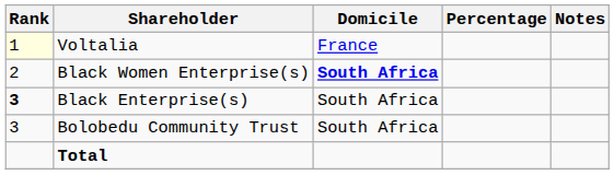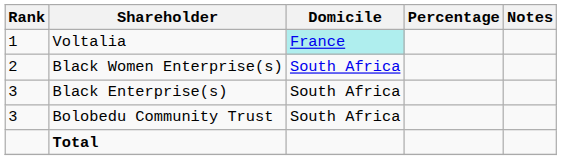 <table class="wikitable sortable" style="margin: 0.5em auto">
 <tr>
 <th>Rank</th>
 <th>Shareholder</th>
 <th>Domicile</th>
 <th>Percentage</th>
 <th>Notes</th>
 </tr>
 <tr>
-<td style="background: lightyellow;">1</td>
+<td>1</td>
 <td>Voltalia</td>
-<td><a href='#'>France</a></td>
+<td style="background: paleturquoise;"><a href='#'>France</a></td>
 <td></td>
 <td></td>
 </tr>
 <tr>
 <td>2</td>
 <td>Black Women Enterprise(s)</td>
-<td><strong><a href='#'>South Africa</a></strong></td>
+<td><a href='#'>South Africa</a></td>
 <td></td>
 <td></td>
 </tr>
 <tr>
-<td><strong>3</strong></td>
+<td>3</td>
 <td>Black Enterprise(s)</td>
 <td>South Africa</td>
 <td></td>
 <td></td>
 </tr>
 <tr>
 <td>3</td>
 <td>Bolobedu Community Trust</td>
 <td>South Africa</td>
 <td></td>
 <td></td>
 </tr>
 <tr>
 <td></td>
 <td><strong>Total</strong></td>
 <td><strong>  </strong></td>
 <td></td>
 <td></td>
 </tr>
 <tr>
 </tr>
 </table>
